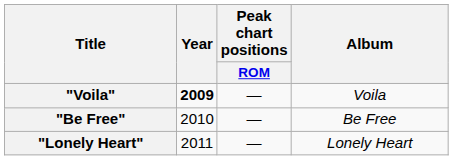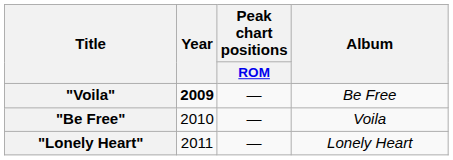 <table class="wikitable plainrowheaders" style="text-align:center;">
 <tr>
 <th scope="col" rowspan="2" style="width:11em;">Title</th>
 <th scope="col" rowspan="2">Year</th>
 <th scope="col" colspan="1">Peak chart positions</th>
 <th scope="col" rowspan="2" style="width:10em;">Album</th>
 </tr>
 <tr>
 <th scope="col" style="width:2.5em;font-size:90%;"><a href='#'>ROM</a></th>
 </tr>
 <tr>
 <th scope="row">"Voila"</th>
 <td><strong>2009</strong></td>
 <td>—</td>
-<td><em>Voila</em></td>
+<td><em>Be Free</em></td>
 </tr>
 <tr>
 <th scope="row">"Be Free"</th>
 <td>2010</td>
 <td>—</td>
-<td><em>Be Free</em></td>
+<td><em>Voila</em></td>
 </tr>
 <tr>
 <th scope="row">"Lonely Heart"</th>
 <td>2011</td>
 <td>—</td>
 <td><em>Lonely Heart</em></td>
 </tr>
 </table>
